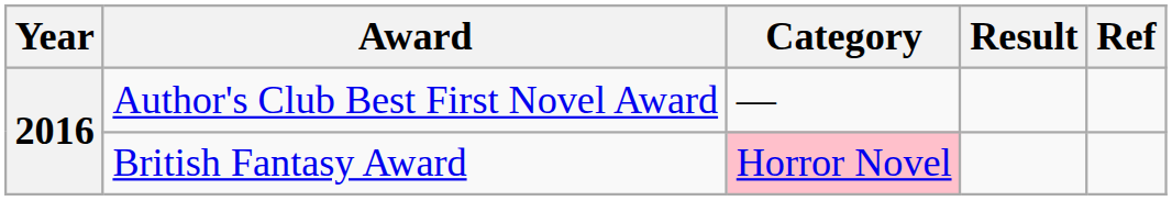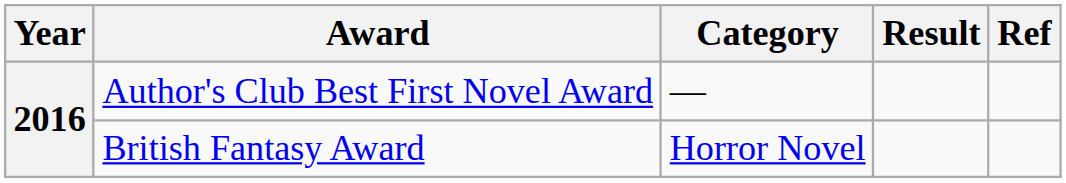 <table class="wikitable sortable">
 <tr>
 <th>Year</th>
 <th>Award</th>
 <th>Category</th>
 <th>Result</th>
 <th>Ref</th>
 </tr>
 <tr>
 <th rowspan="2">2016</th>
 <td><a href='#'>Author's Club Best First Novel Award</a></td>
 <td>—</td>
 <td></td>
 <td></td>
 </tr>
 <tr>
 <td><a href='#'>British Fantasy Award</a></td>
-<td style="background: pink;"><a href='#'>Horror Novel</a></td>
+<td><a href='#'>Horror Novel</a></td>
 <td></td>
 <td></td>
 </tr>
 </table>
